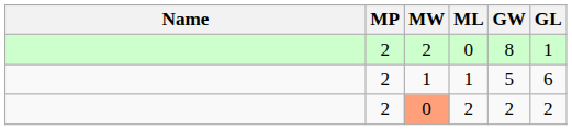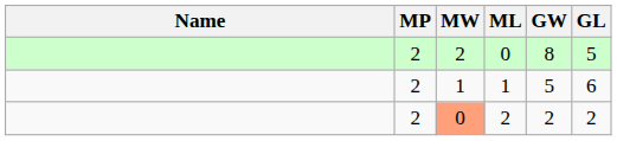 <table class=wikitable style="text-align:center">
 <tr>
 <th width=300>Name</th>
 <th width=20>MP</th>
 <th width=20>MW</th>
 <th width=20>ML</th>
 <th width=20>GW</th>
 <th width=20>GL</th>
 </tr>
 <tr style="background-color:#ccffcc;">
 <td style="text-align:left;"><strong></strong></td>
 <td>2</td>
 <td>2</td>
 <td>0</td>
 <td>8</td>
-<td>1</td>
+<td>5</td>
 </tr>
 <tr>
 <td style="text-align:left;"></td>
 <td>2</td>
 <td>1</td>
 <td>1</td>
 <td>5</td>
 <td>6</td>
 </tr>
 <tr>
 <td style="text-align:left;"></td>
 <td>2</td>
 <td style="background: lightsalmon;">0</td>
 <td>2</td>
 <td>2</td>
 <td>2</td>
 </tr>
 </table>
